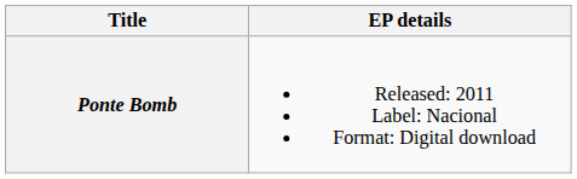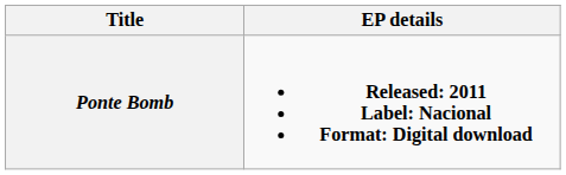 <table class="wikitable plainrowheaders" style="text-align:center;">
 <tr>
 <th scope="col" style="width:12em;">Title</th>
 <th scope="col" style="width:16em;">EP details</th>
 </tr>
 <tr>
 <th scope="row"><em>Ponte Bomb</em></th>
-<td><br><ul><li>Released: 2011</li><li>Label: Nacional</li><li>Format: Digital download</li></ul></td>
+<td><strong><br><ul><li>Released: 2011</li><li>Label: Nacional</li><li>Format: Digital download</li></ul></strong></td>
 </tr>
 </table>
